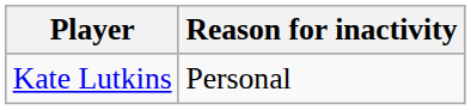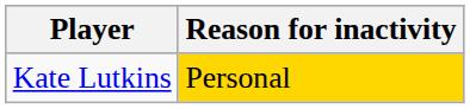 <table class="wikitable plainrowheaders">
 <tr>
 <th scope="col"><strong>Player</strong></th>
 <th scope="col"><strong>Reason for inactivity</strong></th>
 </tr>
 <tr>
 <td><a href='#'>Kate Lutkins</a></td>
-<td>Personal</td>
+<td style="background: gold;">Personal</td>
 </tr>
 </table>
